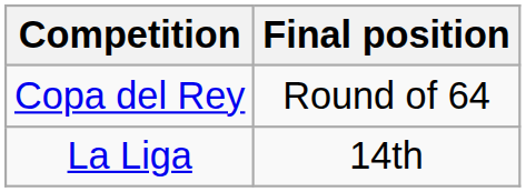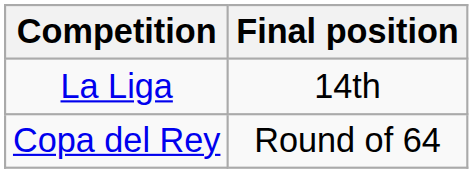 <table class="wikitable" style="font-size:100%; text-align:center">
 <tr>
 <th>Competition</th>
 <th>Final position</th>
 </tr>
 <tr style="background:">
+<td><a href='#'>La Liga</a></td>
+<td>14th</td>
+</tr>
+<tr style="background:">
 <td><a href='#'>Copa del Rey</a></td>
 <td>Round of 64</td>
 </tr>
-<tr style="background:">
-<td><a href='#'>La Liga</a></td>
-<td>14th</td>
-</tr>
 </table>
